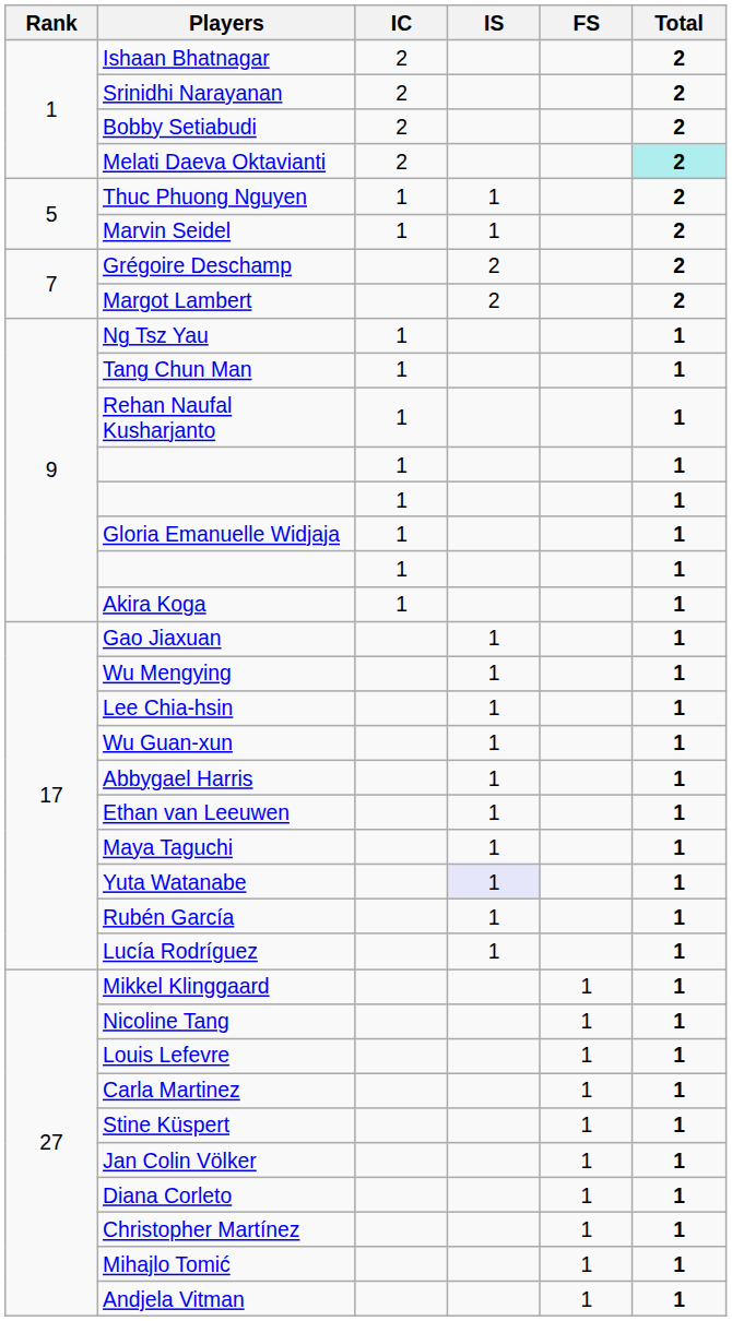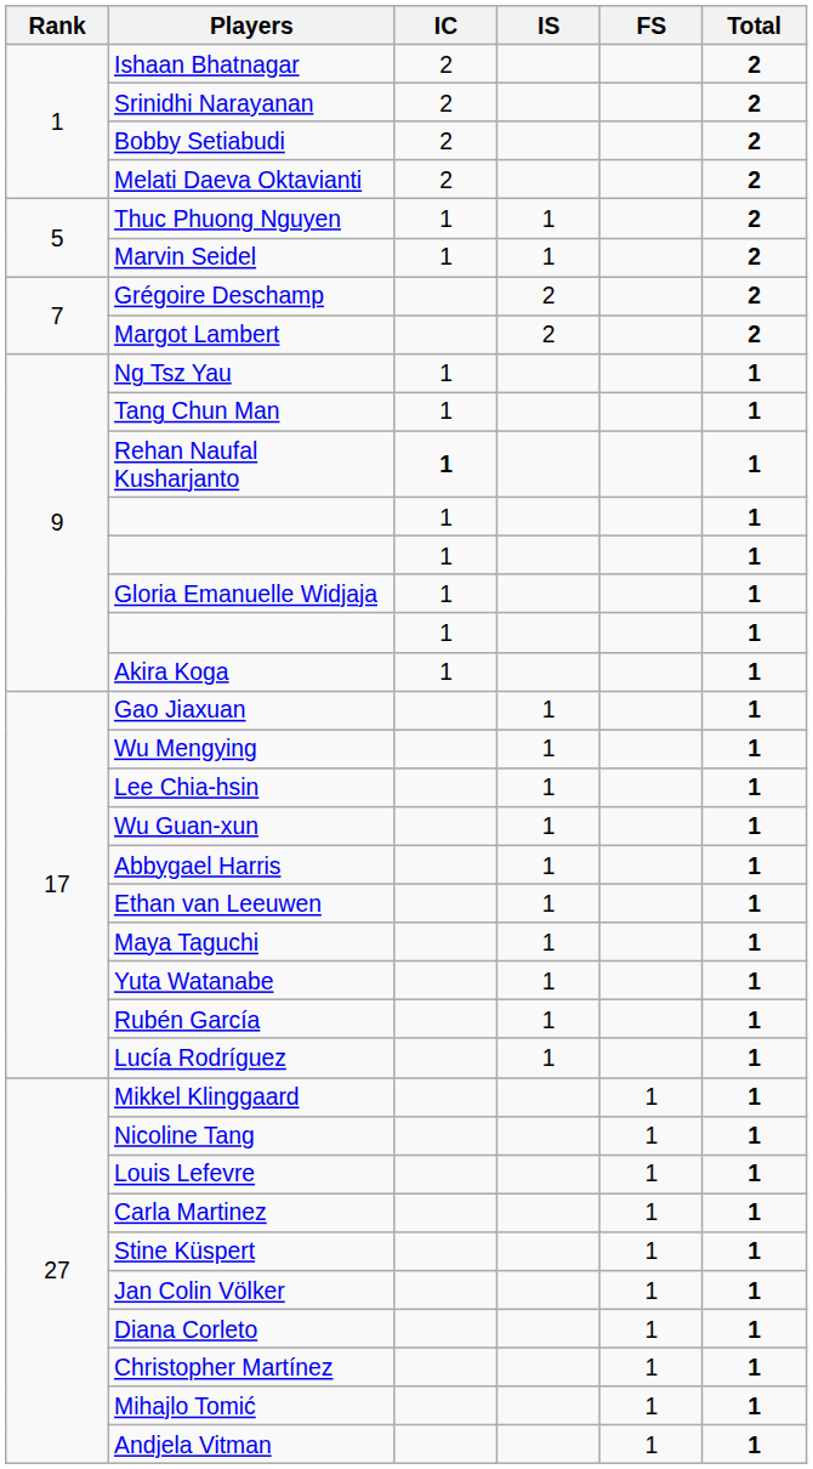 <table class="wikitable" style="font-size:80%; text-align:center">
 <tr>
 <th width="50">Rank</th>
 <th width="150">Players</th>
 <th width="50">IC</th>
 <th width="50">IS</th>
 <th width="50">FS</th>
 <th width="50">Total</th>
 </tr>
 <tr>
 <td rowspan="4">1</td>
 <td align="left"> <a href='#'>Ishaan Bhatnagar</a></td>
 <td>2</td>
 <td></td>
 <td></td>
 <td><strong>2</strong></td>
 </tr>
 <tr>
 <td align="left"> <a href='#'>Srinidhi Narayanan</a></td>
 <td>2</td>
 <td></td>
 <td></td>
 <td><strong>2</strong></td>
 </tr>
 <tr>
 <td align="left"> <a href='#'>Bobby Setiabudi</a></td>
 <td>2</td>
 <td></td>
 <td></td>
 <td><strong>2</strong></td>
 </tr>
 <tr>
 <td align="left"> <a href='#'>Melati Daeva Oktavianti</a></td>
 <td>2</td>
 <td></td>
 <td></td>
-<td style="background: paleturquoise;"><strong>2</strong></td>
+<td><strong>2</strong></td>
 </tr>
 <tr>
 <td rowspan="2">5</td>
 <td align="left"> <a href='#'>Thuc Phuong Nguyen</a></td>
 <td>1</td>
 <td>1</td>
 <td></td>
 <td><strong>2</strong></td>
 </tr>
 <tr>
 <td align="left"> <a href='#'>Marvin Seidel</a></td>
 <td>1</td>
 <td>1</td>
 <td></td>
 <td><strong>2</strong></td>
 </tr>
 <tr>
 <td rowspan="2">7</td>
 <td align="left"> <a href='#'>Grégoire Deschamp</a></td>
 <td></td>
 <td>2</td>
 <td></td>
 <td><strong>2</strong></td>
 </tr>
 <tr>
 <td align="left"> <a href='#'>Margot Lambert</a></td>
 <td></td>
 <td>2</td>
 <td></td>
 <td><strong>2</strong></td>
 </tr>
 <tr>
 <td rowspan="8">9</td>
 <td align="left"> <a href='#'>Ng Tsz Yau</a></td>
 <td>1</td>
 <td></td>
 <td></td>
 <td><strong>1</strong></td>
 </tr>
 <tr>
 <td align="left"> <a href='#'>Tang Chun Man</a></td>
 <td>1</td>
 <td></td>
 <td></td>
 <td><strong>1</strong></td>
 </tr>
 <tr>
 <td align="left"> <a href='#'>Rehan Naufal Kusharjanto</a></td>
-<td>1</td>
+<td><strong>1</strong></td>
 <td></td>
 <td></td>
 <td><strong>1</strong></td>
 </tr>
 <tr>
 <td align="left"></td>
 <td>1</td>
 <td></td>
 <td></td>
 <td><strong>1</strong></td>
 </tr>
 <tr>
 <td align="left"></td>
 <td>1</td>
 <td></td>
 <td></td>
 <td><strong>1</strong></td>
 </tr>
 <tr>
 <td align="left"> <a href='#'>Gloria Emanuelle Widjaja</a></td>
 <td>1</td>
 <td></td>
 <td></td>
 <td><strong>1</strong></td>
 </tr>
 <tr>
 <td align="left"></td>
 <td>1</td>
 <td></td>
 <td></td>
 <td><strong>1</strong></td>
 </tr>
 <tr>
 <td align="left"> <a href='#'>Akira Koga</a></td>
 <td>1</td>
 <td></td>
 <td></td>
 <td><strong>1</strong></td>
 </tr>
 <tr>
 <td rowspan="10">17</td>
 <td align="left"> <a href='#'>Gao Jiaxuan</a></td>
 <td></td>
 <td>1</td>
 <td></td>
 <td><strong>1</strong></td>
 </tr>
 <tr>
 <td align="left"> <a href='#'>Wu Mengying</a></td>
 <td></td>
 <td>1</td>
 <td></td>
 <td><strong>1</strong></td>
 </tr>
 <tr>
 <td align="left"> <a href='#'>Lee Chia-hsin</a></td>
 <td></td>
 <td>1</td>
 <td></td>
 <td><strong>1</strong></td>
 </tr>
 <tr>
 <td align="left"> <a href='#'>Wu Guan-xun</a></td>
 <td></td>
 <td>1</td>
 <td></td>
 <td><strong>1</strong></td>
 </tr>
 <tr>
 <td align="left"> <a href='#'>Abbygael Harris</a></td>
 <td></td>
 <td>1</td>
 <td></td>
 <td><strong>1</strong></td>
 </tr>
 <tr>
 <td align="left"> <a href='#'>Ethan van Leeuwen</a></td>
 <td></td>
 <td>1</td>
 <td></td>
 <td><strong>1</strong></td>
 </tr>
 <tr>
 <td align="left"> <a href='#'>Maya Taguchi</a></td>
 <td></td>
 <td>1</td>
 <td></td>
 <td><strong>1</strong></td>
 </tr>
 <tr>
 <td align="left"> <a href='#'>Yuta Watanabe</a></td>
 <td></td>
-<td style="background: lavender;">1</td>
+<td>1</td>
 <td></td>
 <td><strong>1</strong></td>
 </tr>
 <tr>
 <td align="left"> <a href='#'>Rubén García</a></td>
 <td></td>
 <td>1</td>
 <td></td>
 <td><strong>1</strong></td>
 </tr>
 <tr>
 <td align="left"> <a href='#'>Lucía Rodríguez</a></td>
 <td></td>
 <td>1</td>
 <td></td>
 <td><strong>1</strong></td>
 </tr>
 <tr>
 <td rowspan="10">27</td>
 <td align="left"> <a href='#'>Mikkel Klinggaard</a></td>
 <td></td>
 <td></td>
 <td>1</td>
 <td><strong>1</strong></td>
 </tr>
 <tr>
 <td align="left"> <a href='#'>Nicoline Tang</a></td>
 <td></td>
 <td></td>
 <td>1</td>
 <td><strong>1</strong></td>
 </tr>
 <tr>
 <td align="left"> <a href='#'>Louis Lefevre</a></td>
 <td></td>
 <td></td>
 <td>1</td>
 <td><strong>1</strong></td>
 </tr>
 <tr>
 <td align="left"> <a href='#'>Carla Martinez</a></td>
 <td></td>
 <td></td>
 <td>1</td>
 <td><strong>1</strong></td>
 </tr>
 <tr>
 <td align="left"> <a href='#'>Stine Küspert</a></td>
 <td></td>
 <td></td>
 <td>1</td>
 <td><strong>1</strong></td>
 </tr>
 <tr>
 <td align="left"> <a href='#'>Jan Colin Völker</a></td>
 <td></td>
 <td></td>
 <td>1</td>
 <td><strong>1</strong></td>
 </tr>
 <tr>
 <td align="left"> <a href='#'>Diana Corleto</a></td>
 <td></td>
 <td></td>
 <td>1</td>
 <td><strong>1</strong></td>
 </tr>
 <tr>
 <td align="left"> <a href='#'>Christopher Martínez</a></td>
 <td></td>
 <td></td>
 <td>1</td>
 <td><strong>1</strong></td>
 </tr>
 <tr>
 <td align="left"> <a href='#'>Mihajlo Tomić</a></td>
 <td></td>
 <td></td>
 <td>1</td>
 <td><strong>1</strong></td>
 </tr>
 <tr>
 <td align="left"> <a href='#'>Andjela Vitman</a></td>
 <td></td>
 <td></td>
 <td>1</td>
 <td><strong>1</strong></td>
 </tr>
 </table>
